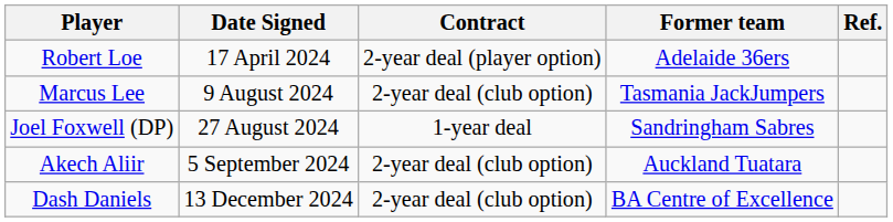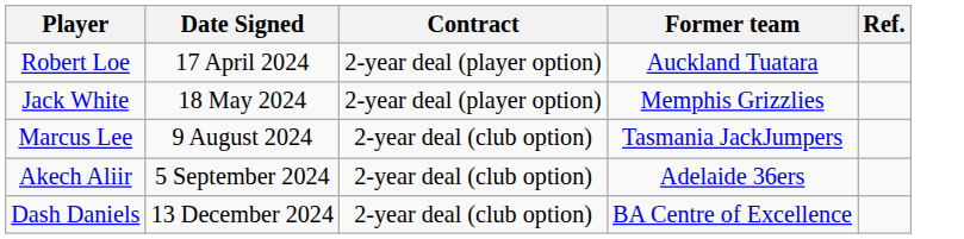 <table class="wikitable sortable sortable" style="text-align: center">
 <tr>
 <th>Player</th>
 <th>Date Signed</th>
 <th>Contract</th>
 <th>Former team</th>
 <th>Ref.</th>
 </tr>
 <tr>
 <td><a href='#'>Robert Loe</a></td>
 <td>17 April 2024</td>
 <td>2-year deal (player option)</td>
-<td><a href='#'>Adelaide 36ers</a></td>
+<td><a href='#'>Auckland Tuatara</a></td>
+<td></td>
+</tr>
+<tr>
+<td><a href='#'>Jack White</a></td>
+<td>18 May 2024</td>
+<td>2-year deal (player option)</td>
+<td><a href='#'>Memphis Grizzlies</a></td>
 <td></td>
 </tr>
 <tr>
 <td><a href='#'>Marcus Lee</a></td>
 <td>9 August 2024</td>
 <td>2-year deal (club option)</td>
 <td><a href='#'>Tasmania JackJumpers</a></td>
 <td></td>
 </tr>
 <tr>
-<td><a href='#'>Joel Foxwell</a> (DP)</td>
-<td>27 August 2024</td>
-<td>1-year deal</td>
-<td><a href='#'>Sandringham Sabres</a></td>
-<td></td>
-</tr>
-<tr>
 <td><a href='#'>Akech Aliir</a></td>
 <td>5 September 2024</td>
 <td>2-year deal (club option)</td>
-<td><a href='#'>Auckland Tuatara</a></td>
+<td><a href='#'>Adelaide 36ers</a></td>
 <td></td>
 </tr>
 <tr>
 <td><a href='#'>Dash Daniels</a></td>
 <td>13 December 2024</td>
 <td>2-year deal (club option)</td>
 <td><a href='#'>BA Centre of Excellence</a></td>
 <td></td>
 </tr>
 </table>
